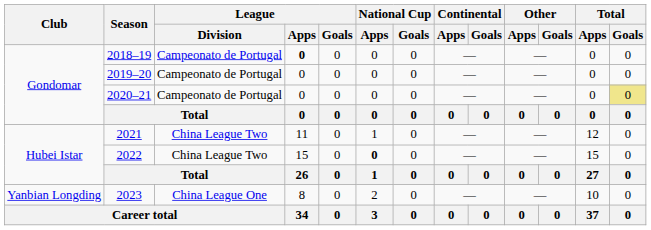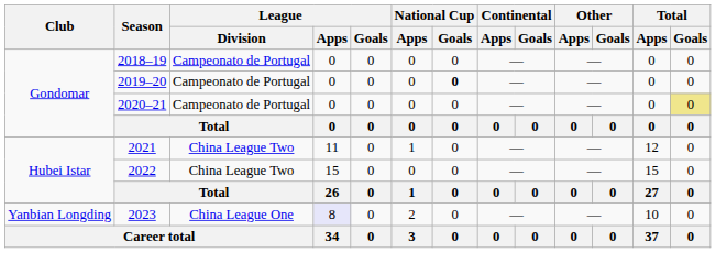 <table class="wikitable" style="text-align: center">
 <tr>
 <th rowspan="2">Club</th>
 <th rowspan="2">Season</th>
 <th colspan="3">League</th>
 <th colspan="2">National Cup</th>
 <th colspan="2">Continental</th>
 <th colspan="2">Other</th>
 <th colspan="2">Total</th>
 </tr>
 <tr>
 <th>Division</th>
 <th>Apps</th>
 <th>Goals</th>
 <th>Apps</th>
 <th>Goals</th>
 <th>Apps</th>
 <th>Goals</th>
 <th>Apps</th>
 <th>Goals</th>
 <th>Apps</th>
 <th>Goals</th>
 </tr>
 <tr>
 <td rowspan=4><a href='#'>Gondomar</a></td>
 <td><a href='#'>2018–19</a></td>
 <td><a href='#'>Campeonato de Portugal</a></td>
-<td><strong>0</strong></td>
+<td>0</td>
 <td>0</td>
 <td>0</td>
 <td>0</td>
 <td colspan=2>—</td>
 <td colspan=2>—</td>
 <td>0</td>
 <td>0</td>
 </tr>
 <tr>
 <td><a href='#'>2019–20</a></td>
 <td>Campeonato de Portugal</td>
 <td>0</td>
 <td>0</td>
 <td>0</td>
-<td>0</td>
+<td><strong>0</strong></td>
 <td colspan=2>—</td>
 <td colspan=2>—</td>
 <td>0</td>
 <td>0</td>
 </tr>
 <tr>
 <td><a href='#'>2020–21</a></td>
 <td>Campeonato de Portugal</td>
 <td>0</td>
 <td>0</td>
 <td>0</td>
 <td>0</td>
 <td colspan=2>—</td>
 <td colspan=2>—</td>
 <td>0</td>
 <td style="background: khaki;">0</td>
 </tr>
 <tr>
 <th colspan="2"><strong>Total</strong></th>
 <th>0</th>
 <th>0</th>
 <th>0</th>
 <th>0</th>
 <th>0</th>
 <th>0</th>
 <th>0</th>
 <th>0</th>
 <th>0</th>
 <th>0</th>
 </tr>
 <tr>
 <td rowspan=3><a href='#'>Hubei Istar</a></td>
 <td><a href='#'>2021</a></td>
 <td><a href='#'>China League Two</a></td>
 <td>11</td>
 <td>0</td>
 <td>1</td>
 <td>0</td>
 <td colspan=2>—</td>
 <td colspan=2>—</td>
 <td>12</td>
 <td>0</td>
 </tr>
 <tr>
 <td><a href='#'>2022</a></td>
 <td>China League Two</td>
 <td>15</td>
 <td>0</td>
-<td><strong>0</strong></td>
+<td>0</td>
 <td>0</td>
 <td colspan=2>—</td>
 <td colspan=2>—</td>
 <td>15</td>
 <td>0</td>
 </tr>
 <tr>
 <th colspan="2"><strong>Total</strong></th>
 <th>26</th>
 <th>0</th>
 <th>1</th>
 <th>0</th>
 <th>0</th>
 <th>0</th>
 <th>0</th>
 <th>0</th>
 <th>27</th>
 <th>0</th>
 </tr>
 <tr>
 <td><a href='#'>Yanbian Longding</a></td>
 <td><a href='#'>2023</a></td>
 <td><a href='#'>China League One</a></td>
-<td>8</td>
+<td style="background: lavender;">8</td>
 <td>0</td>
 <td>2</td>
 <td>0</td>
 <td colspan=2>—</td>
 <td colspan=2>—</td>
 <td>10</td>
 <td>0</td>
 </tr>
 <tr>
 <th colspan=3>Career total</th>
 <th>34</th>
 <th>0</th>
 <th>3</th>
 <th>0</th>
 <th>0</th>
 <th>0</th>
 <th>0</th>
 <th>0</th>
 <th>37</th>
 <th>0</th>
 </tr>
 </table>
